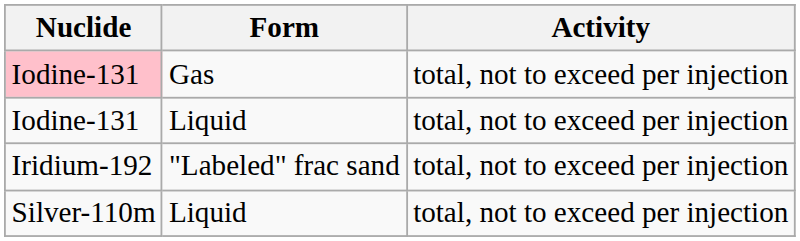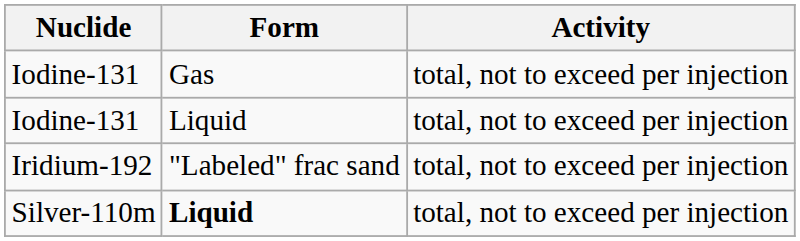 <table class="wikitable">
 <tr>
 <th>Nuclide</th>
 <th>Form</th>
 <th>Activity</th>
 </tr>
 <tr>
-<td style="background: pink;">Iodine-131</td>
+<td>Iodine-131</td>
 <td>Gas</td>
 <td> total, not to exceed  per injection</td>
 </tr>
 <tr>
 <td>Iodine-131</td>
 <td>Liquid</td>
 <td> total, not to exceed  per injection</td>
 </tr>
 <tr>
 <td>Iridium-192</td>
 <td>"Labeled" frac sand</td>
 <td> total, not to exceed  per injection</td>
 </tr>
 <tr>
 <td>Silver-110m</td>
-<td>Liquid</td>
+<td><strong>Liquid</strong></td>
 <td> total, not to exceed  per injection</td>
 </tr>
 </table>
